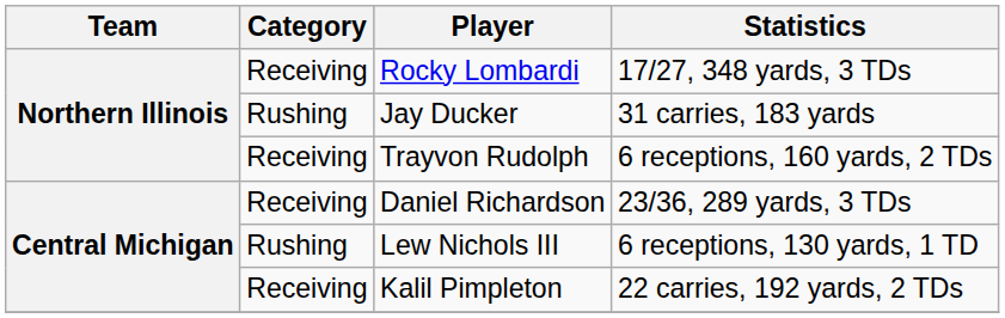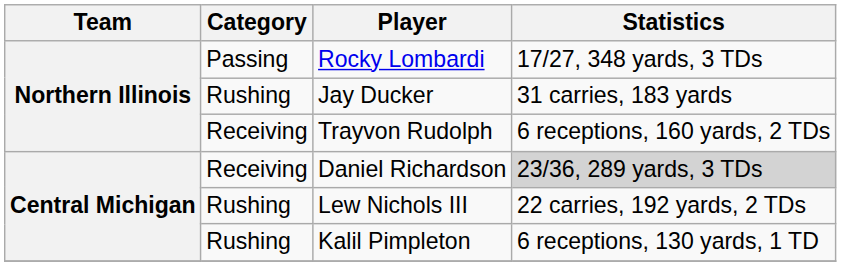 <table class="wikitable" style="float: left;">
 <tr>
 <th>Team</th>
 <th>Category</th>
 <th>Player</th>
 <th>Statistics</th>
 </tr>
 <tr>
 <th rowspan=3>Northern Illinois</th>
-<td>Receiving</td>
+<td>Passing</td>
 <td><a href='#'>Rocky Lombardi</a></td>
 <td>17/27, 348 yards, 3 TDs</td>
 </tr>
 <tr>
 <td>Rushing</td>
 <td>Jay Ducker</td>
 <td>31 carries, 183 yards</td>
 </tr>
 <tr>
 <td>Receiving</td>
 <td>Trayvon Rudolph</td>
 <td>6 receptions, 160 yards, 2 TDs</td>
 </tr>
 <tr>
 <th rowspan=3 style=>Central Michigan</th>
 <td>Receiving</td>
 <td>Daniel Richardson</td>
-<td>23/36, 289 yards, 3 TDs</td>
+<td style="background: lightgrey;">23/36, 289 yards, 3 TDs</td>
 </tr>
 <tr>
 <td>Rushing</td>
 <td>Lew Nichols III</td>
-<td>6 receptions, 130 yards, 1 TD</td>
+<td>22 carries, 192 yards, 2 TDs</td>
 </tr>
 <tr>
-<td>Receiving</td>
+<td>Rushing</td>
 <td>Kalil Pimpleton</td>
-<td>22 carries, 192 yards, 2 TDs</td>
+<td>6 receptions, 130 yards, 1 TD</td>
 </tr>
 <tr>
 </tr>
 </table>
